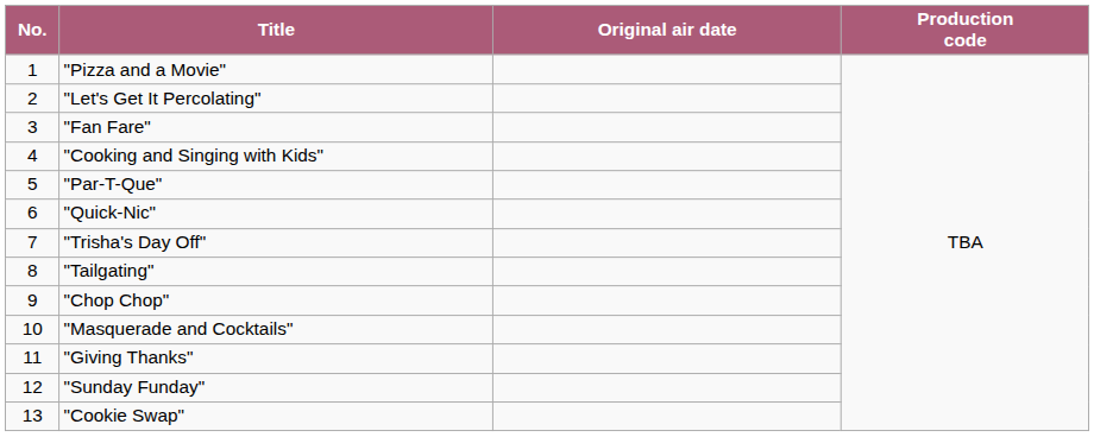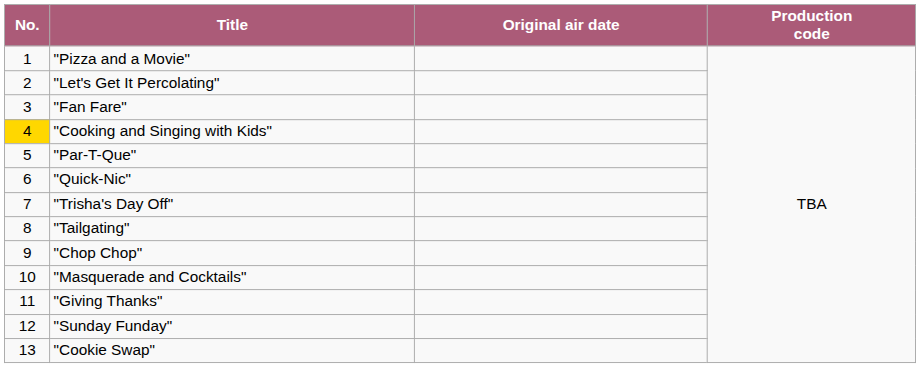 <table class="wikitable plainrowheaders" style="width:60%;">
 <tr>
 <th style="background-color: #ab5b78; color: #FFFFFF;" width=5%>No.</th>
 <th style="background-color: #ab5b78; color: #FFFFFF;" width=40%>Title</th>
 <th style="background-color: #ab5b78; color: #FFFFFF;">Original air date</th>
 <th style="background-color: #ab5b78; color: #FFFFFF;">Production<br>code</th>
 </tr>
 <tr>
 <td align=center>1</td>
 <td>"Pizza and a Movie"</td>
 <td align=center></td>
 <td align=center rowspan=13>TBA</td>
 </tr>
 <tr>
 <td align=center>2</td>
 <td>"Let's Get It Percolating"</td>
 <td align=center></td>
 </tr>
 <tr>
 <td align=center>3</td>
 <td>"Fan Fare"</td>
 <td align=center></td>
 </tr>
 <tr>
-<td align=center>4</td>
+<td align=center style="background: gold;">4</td>
 <td>"Cooking and Singing with Kids"</td>
 <td align=center></td>
 </tr>
 <tr>
 <td align=center>5</td>
 <td>"Par-T-Que"</td>
 <td align=center></td>
 </tr>
 <tr>
 <td align=center>6</td>
 <td>"Quick-Nic"</td>
 <td align=center></td>
 </tr>
 <tr>
 <td align=center>7</td>
 <td>"Trisha's Day Off"</td>
 <td align=center></td>
 </tr>
 <tr>
 <td align=center>8</td>
 <td>"Tailgating"</td>
 <td align=center></td>
 </tr>
 <tr>
 <td align=center>9</td>
 <td>"Chop Chop"</td>
 <td align=center></td>
 </tr>
 <tr>
 <td align=center>10</td>
 <td>"Masquerade and Cocktails"</td>
 <td align=center></td>
 </tr>
 <tr>
 <td align=center>11</td>
 <td>"Giving Thanks"</td>
 <td align=center></td>
 </tr>
 <tr>
 <td align=center>12</td>
 <td>"Sunday Funday"</td>
 <td align=center></td>
 </tr>
 <tr>
 <td align=center>13</td>
 <td>"Cookie Swap"</td>
 <td align=center></td>
 </tr>
 </table>
